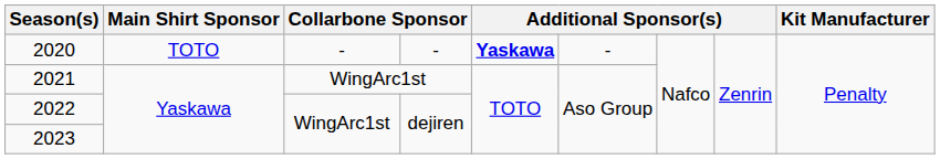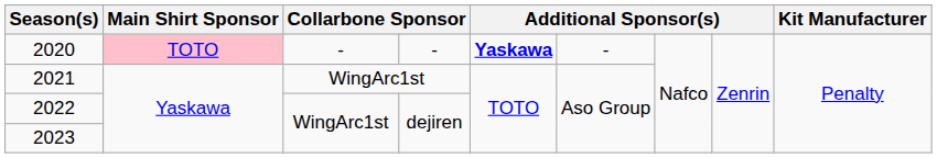 <table class="wikitable" style="text-align:center;">
 <tr>
 <th>Season(s)</th>
 <th>Main Shirt Sponsor</th>
 <th colspan=2>Collarbone Sponsor</th>
 <th colspan=4>Additional Sponsor(s)</th>
 <th>Kit Manufacturer</th>
 </tr>
 <tr>
 <td>2020</td>
-<td><a href='#'>TOTO</a></td>
+<td style="background: pink;"><a href='#'>TOTO</a></td>
 <td>-</td>
 <td>-</td>
 <td><strong><a href='#'>Yaskawa</a></strong></td>
 <td>-</td>
 <td rowspan="4">Nafco</td>
 <td rowspan="4"><a href='#'>Zenrin</a></td>
 <td rowspan="4"><a href='#'>Penalty</a></td>
 </tr>
 <tr>
 <td>2021</td>
 <td rowspan=3><a href='#'>Yaskawa</a></td>
 <td colspan=2>WingArc1st</td>
 <td rowspan=3><a href='#'>TOTO</a></td>
 <td rowspan=3>Aso Group</td>
 </tr>
 <tr>
 <td>2022</td>
 <td rowspan="2">WingArc1st</td>
 <td rowspan="2">dejiren</td>
 </tr>
 <tr>
 <td>2023</td>
 </tr>
 </table>
